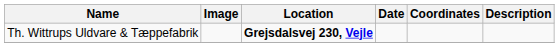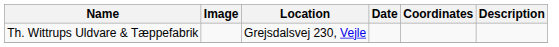 <table class="wikitable sortable">
 <tr>
 <th>Name</th>
 <th>Image</th>
 <th>Location</th>
 <th>Date</th>
 <th>Coordinates</th>
 <th>Description</th>
 </tr>
 <tr>
 <td>Th. Wittrups Uldvare & Tæppefabrik</td>
 <td></td>
-<td><strong>Grejsdalsvej 230, <a href='#'>Vejle</a></strong></td>
+<td>Grejsdalsvej 230, <a href='#'>Vejle</a></td>
 <td></td>
 <td></td>
 <td></td>
 </tr>
 <tr>
 </tr>
 </table>
